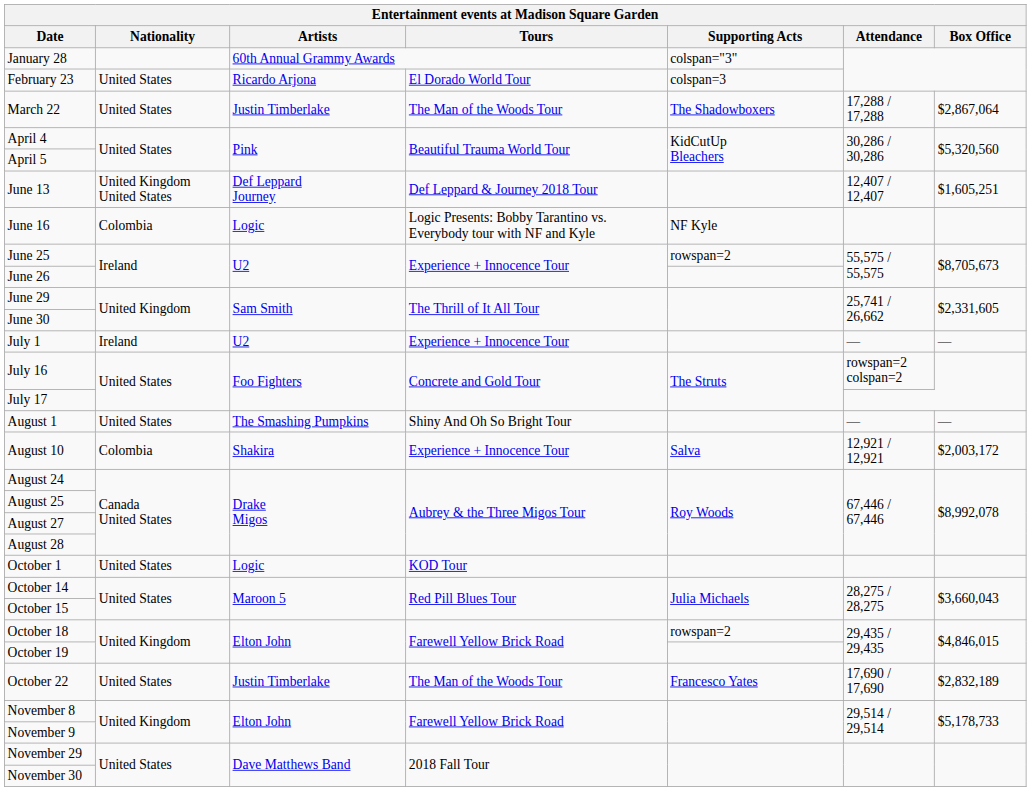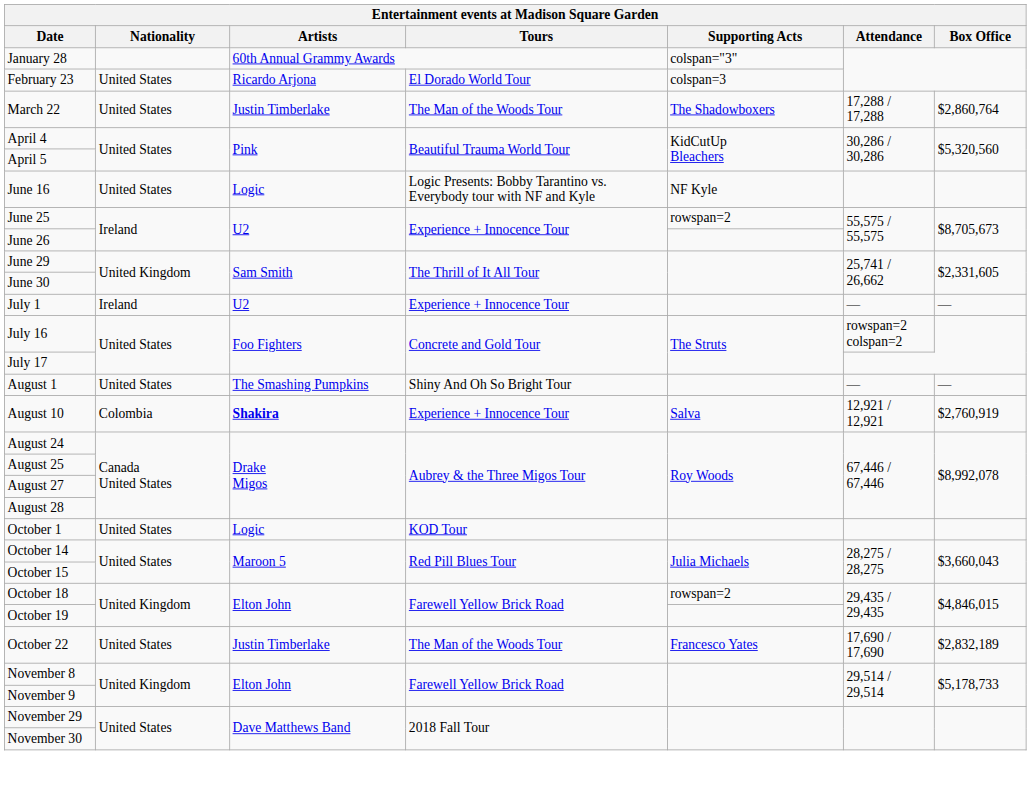 <table class="wikitable">
 <tr>
 <th colspan="7">Entertainment events at Madison Square Garden</th>
 </tr>
 <tr>
 <th width=100>Date</th>
 <th width=150>Nationality</th>
 <th width=200>Artists</th>
 <th width=300>Tours</th>
 <th width=200>Supporting Acts</th>
 <th width=100>Attendance</th>
 <th width=100>Box Office</th>
 </tr>
 <tr>
 <td>January 28</td>
 <td></td>
 <td colspan="2"><a href='#'>60th Annual Grammy Awards</a></td>
 <td>colspan="3" </td>
 </tr>
 <tr>
 <td>February 23</td>
 <td>United States</td>
 <td><a href='#'>Ricardo Arjona</a></td>
 <td><a href='#'>El Dorado World Tour</a></td>
 <td>colspan=3 </td>
 </tr>
 <tr>
 <td>March 22</td>
 <td>United States</td>
 <td><a href='#'>Justin Timberlake</a></td>
 <td><a href='#'>The Man of the Woods Tour</a></td>
 <td><a href='#'>The Shadowboxers</a></td>
 <td>17,288 / 17,288</td>
-<td>$2,867,064</td>
+<td>$2,860,764</td>
 </tr>
 <tr>
 <td>April 4</td>
 <td rowspan="2">United States</td>
 <td rowspan="2"><a href='#'>Pink</a></td>
 <td rowspan="2"><a href='#'>Beautiful Trauma World Tour</a></td>
 <td rowspan="2">KidCutUp<br><a href='#'>Bleachers</a></td>
 <td rowspan="2">30,286 / 30,286</td>
 <td rowspan="2">$5,320,560</td>
 </tr>
 <tr>
 <td>April 5</td>
 </tr>
 <tr>
-<td>June 13</td>
-<td>United Kingdom<br>United States</td>
-<td><a href='#'>Def Leppard</a><br><a href='#'>Journey</a></td>
-<td><a href='#'>Def Leppard & Journey 2018 Tour</a></td>
-<td></td>
-<td>12,407 / 12,407</td>
-<td>$1,605,251</td>
-</tr>
-<tr>
 <td>June 16</td>
-<td>Colombia</td>
+<td>United States</td>
 <td><a href='#'>Logic</a></td>
 <td>Logic Presents: Bobby Tarantino vs. Everybody tour with NF and Kyle</td>
 <td>NF Kyle</td>
 <td></td>
 <td></td>
 </tr>
 <tr>
 <td>June 25</td>
 <td rowspan=2>Ireland</td>
 <td rowspan=2><a href='#'>U2</a></td>
 <td rowspan=2><a href='#'>Experience + Innocence Tour</a></td>
 <td>rowspan=2</td>
 <td rowspan="2">55,575 / 55,575</td>
 <td rowspan="2">$8,705,673</td>
 </tr>
 <tr>
 <td>June 26</td>
 </tr>
 <tr>
 <td>June 29</td>
 <td rowspan=2>United Kingdom</td>
 <td rowspan=2><a href='#'>Sam Smith</a></td>
 <td rowspan=2><a href='#'>The Thrill of It All Tour</a></td>
 <td rowspan=2></td>
 <td rowspan=2>25,741 / 26,662</td>
 <td rowspan=2>$2,331,605</td>
 </tr>
 <tr>
 <td>June 30</td>
 </tr>
 <tr>
 <td>July 1</td>
 <td>Ireland</td>
 <td><a href='#'>U2</a></td>
 <td><a href='#'>Experience + Innocence Tour</a></td>
 <td></td>
 <td>—</td>
 <td>—</td>
 </tr>
 <tr>
 <td>July 16</td>
 <td rowspan=2>United States</td>
 <td rowspan=2><a href='#'>Foo Fighters</a></td>
 <td rowspan=2><a href='#'>Concrete and Gold Tour</a></td>
 <td rowspan=2><a href='#'>The Struts</a></td>
 <td>rowspan=2 colspan=2 </td>
 </tr>
 <tr>
 <td>July 17</td>
 </tr>
 <tr>
 <td>August 1</td>
 <td>United States</td>
 <td><a href='#'>The Smashing Pumpkins</a></td>
 <td>Shiny And Oh So Bright Tour</td>
 <td></td>
 <td>—</td>
 <td>—</td>
 </tr>
 <tr>
 <td>August 10</td>
 <td>Colombia</td>
-<td><a href='#'>Shakira</a></td>
+<td><strong><a href='#'>Shakira</a></strong></td>
 <td><a href='#'>Experience + Innocence Tour</a></td>
 <td><a href='#'>Salva</a></td>
 <td>12,921 / 12,921</td>
-<td>$2,003,172</td>
+<td>$2,760,919</td>
 </tr>
 <tr>
 <td>August 24</td>
 <td rowspan="4">Canada<br>United States</td>
 <td rowspan="4"><a href='#'>Drake</a><br><a href='#'>Migos</a></td>
 <td rowspan="4"><a href='#'>Aubrey & the Three Migos Tour</a></td>
 <td rowspan="4"><a href='#'>Roy Woods</a></td>
 <td rowspan="4">67,446 / 67,446</td>
 <td rowspan="4">$8,992,078</td>
 </tr>
 <tr>
 <td>August 25</td>
 </tr>
 <tr>
 <td>August 27</td>
 </tr>
 <tr>
 <td>August 28</td>
 </tr>
 <tr>
 <td>October 1</td>
 <td>United States</td>
 <td><a href='#'>Logic</a></td>
 <td><a href='#'>KOD Tour</a></td>
 <td></td>
 <td></td>
 <td></td>
 </tr>
 <tr>
 <td>October 14</td>
 <td rowspan="2">United States</td>
 <td rowspan="2"><a href='#'>Maroon 5</a></td>
 <td rowspan="2"><a href='#'>Red Pill Blues Tour</a></td>
 <td rowspan="2"><a href='#'>Julia Michaels</a></td>
 <td rowspan="2">28,275 / 28,275</td>
 <td rowspan="2">$3,660,043</td>
 </tr>
 <tr>
 <td>October 15</td>
 </tr>
 <tr>
 <td>October 18</td>
 <td rowspan=2>United Kingdom</td>
 <td rowspan=2><a href='#'>Elton John</a></td>
 <td rowspan=2><a href='#'>Farewell Yellow Brick Road</a></td>
 <td>rowspan=2 </td>
 <td rowspan=2>29,435 / 29,435</td>
 <td rowspan=2>$4,846,015</td>
 </tr>
 <tr>
 <td>October 19</td>
 </tr>
 <tr>
 <td>October 22</td>
 <td>United States</td>
 <td><a href='#'>Justin Timberlake</a></td>
 <td><a href='#'>The Man of the Woods Tour</a></td>
 <td><a href='#'>Francesco Yates</a></td>
 <td>17,690 / 17,690</td>
 <td>$2,832,189</td>
 </tr>
 <tr>
 <td>November 8</td>
 <td rowspan=2>United Kingdom</td>
 <td rowspan=2><a href='#'>Elton John</a></td>
 <td rowspan=2><a href='#'>Farewell Yellow Brick Road</a></td>
 <td rowspan=2></td>
 <td rowspan=2>29,514 / 29,514</td>
 <td rowspan=2>$5,178,733</td>
 </tr>
 <tr>
 <td>November 9</td>
 </tr>
 <tr>
 <td>November 29</td>
 <td rowspan='2'>United States</td>
 <td rowspan='2'><a href='#'>Dave Matthews Band</a></td>
 <td rowspan='2'>2018 Fall Tour</td>
 <td rowspan=2></td>
 <td rowspan=2></td>
 <td rowspan=2></td>
 </tr>
 <tr>
 <td>November 30</td>
 </tr>
 </table>
